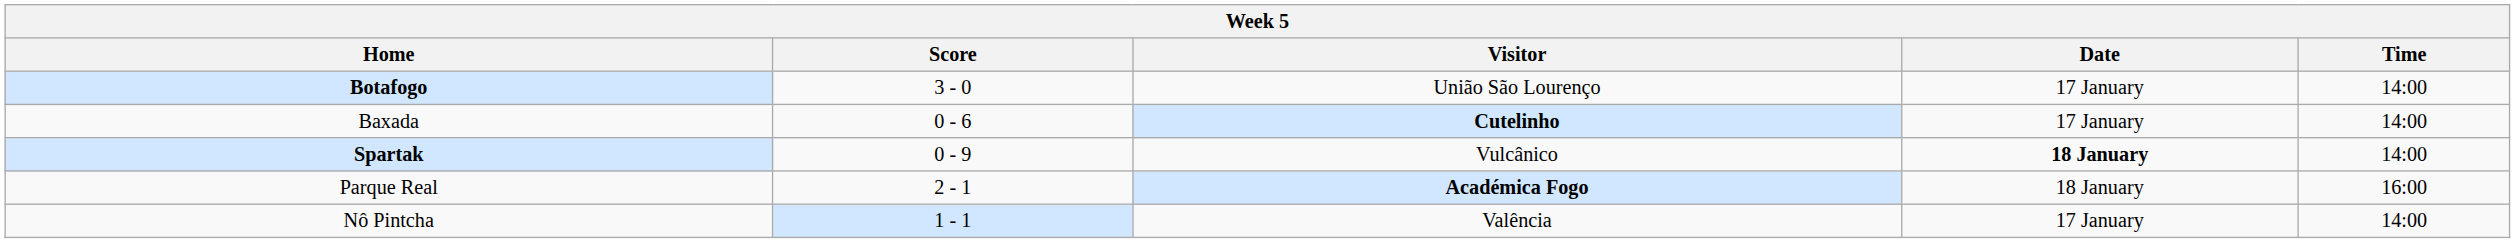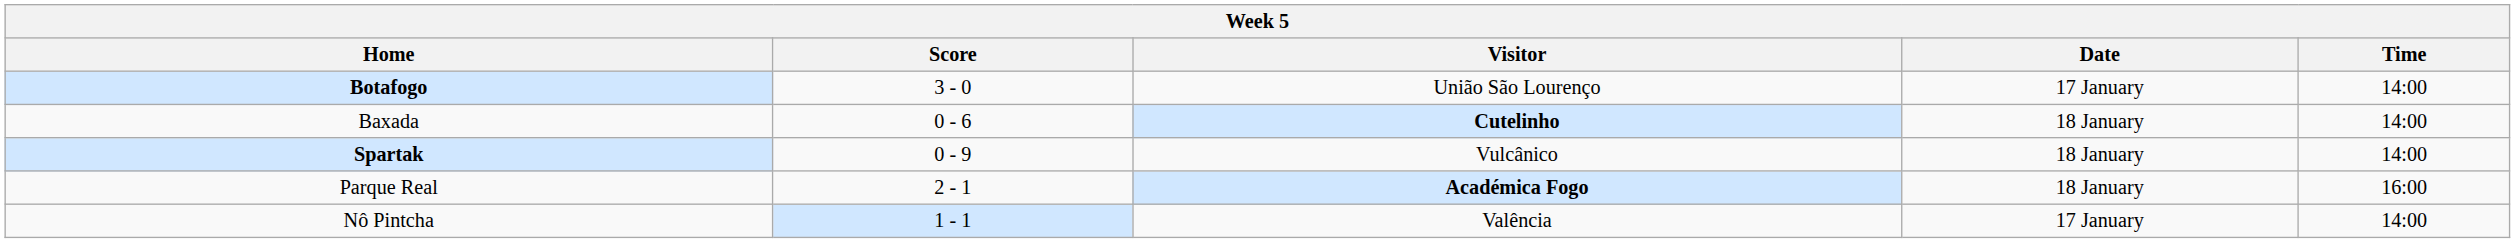 <table class="wikitable" style="margin:1em auto; font-size:95%; text-align: center; width: 95%;">
 <tr>
 <th colspan="12"  style="with:100%;">Week 5</th>
 </tr>
 <tr>
 <th style="width:200px;">Home</th>
 <th width="90">Score</th>
 <th style="width:200px;">Visitor</th>
 <th style="width:100px;">Date</th>
 <th style="width:50px;">Time</th>
 </tr>
 <tr>
 <td bgcolor=#D0E7FF><strong>Botafogo</strong></td>
 <td>3 - 0</td>
 <td>União São Lourenço</td>
 <td>17 January</td>
 <td>14:00</td>
 </tr>
 <tr>
 <td>Baxada</td>
 <td>0 - 6</td>
 <td bgcolor=#D0E7FF><strong>Cutelinho</strong></td>
-<td>17 January</td>
+<td>18 January</td>
 <td>14:00</td>
 </tr>
 <tr>
 <td bgcolor=#D0E7FF><strong>Spartak</strong></td>
 <td>0 - 9</td>
 <td>Vulcânico</td>
-<td><strong>18 January</strong></td>
+<td>18 January</td>
 <td>14:00</td>
 </tr>
 <tr>
 <td>Parque Real</td>
 <td>2 - 1</td>
 <td bgcolor=#D0E7FF><strong>Académica Fogo</strong></td>
 <td>18 January</td>
 <td>16:00</td>
 </tr>
 <tr>
 <td>Nô Pintcha</td>
 <td bgcolor=#D0E7FF>1 - 1</td>
 <td>Valência</td>
 <td>17 January</td>
 <td>14:00</td>
 </tr>
 </table>
